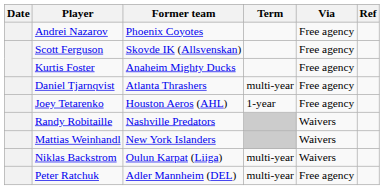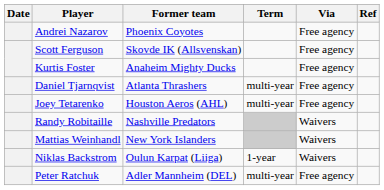 <table class="wikitable plainrowheaders">
 <tr style="background:#ddd; text-align:center;">
 <th>Date</th>
 <th>Player</th>
 <th>Former team</th>
 <th>Term</th>
 <th>Via</th>
 <th>Ref</th>
 </tr>
 <tr>
 <th scope="row"></th>
 <td><a href='#'>Andrei Nazarov</a></td>
 <td><a href='#'>Phoenix Coyotes</a></td>
 <td></td>
 <td>Free agency</td>
 <td></td>
 </tr>
 <tr>
 <th scope="row" rowspan=2></th>
 <td><a href='#'>Scott Ferguson</a></td>
 <td><a href='#'>Skovde IK</a> (<a href='#'>Allsvenskan</a>)</td>
 <td></td>
 <td>Free agency</td>
 <td></td>
 </tr>
 <tr>
 <td><a href='#'>Kurtis Foster</a></td>
 <td><a href='#'>Anaheim Mighty Ducks</a></td>
 <td></td>
 <td>Free agency</td>
 <td></td>
 </tr>
 <tr>
 <th scope="row"></th>
 <td><a href='#'>Daniel Tjarnqvist</a></td>
 <td><a href='#'>Atlanta Thrashers</a></td>
 <td>multi-year</td>
 <td>Free agency</td>
 <td></td>
 </tr>
 <tr>
 <th scope="row"></th>
 <td><a href='#'>Joey Tetarenko</a></td>
 <td><a href='#'>Houston Aeros</a> (<a href='#'>AHL</a>)</td>
-<td>1-year</td>
+<td>multi-year</td>
 <td>Free agency</td>
 <td></td>
 </tr>
 <tr>
 <th scope="row"></th>
 <td><a href='#'>Randy Robitaille</a></td>
 <td><a href='#'>Nashville Predators</a></td>
 <td style="background:#ccc"></td>
 <td>Waivers</td>
 <td></td>
 </tr>
 <tr>
 <th scope="row"></th>
 <td><a href='#'>Mattias Weinhandl</a></td>
 <td><a href='#'>New York Islanders</a></td>
 <td style="background:#ccc"></td>
 <td>Waivers</td>
 <td></td>
 </tr>
 <tr>
 <th scope="row"></th>
 <td><a href='#'>Niklas Backstrom</a></td>
 <td><a href='#'>Oulun Karpat</a> (<a href='#'>Liiga</a>)</td>
-<td>multi-year</td>
+<td>1-year</td>
 <td>Waivers</td>
 <td></td>
 </tr>
 <tr>
 <th scope="row"></th>
 <td><a href='#'>Peter Ratchuk</a></td>
 <td><a href='#'>Adler Mannheim</a> (<a href='#'>DEL</a>)</td>
 <td>multi-year</td>
 <td>Free agency</td>
 <td></td>
 </tr>
 </table>
